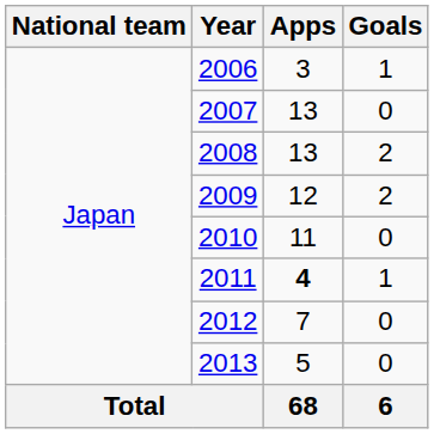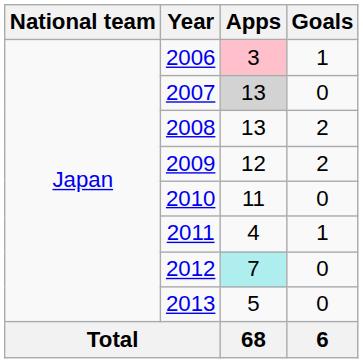 <table class="wikitable" style="text-align:center">
 <tr>
 <th>National team</th>
 <th>Year</th>
 <th>Apps</th>
 <th>Goals</th>
 </tr>
 <tr>
 <td rowspan="8"><a href='#'>Japan</a></td>
 <td><a href='#'>2006</a></td>
-<td>3</td>
+<td style="background: pink;">3</td>
 <td>1</td>
 </tr>
 <tr>
 <td><a href='#'>2007</a></td>
-<td>13</td>
+<td style="background: lightgrey;">13</td>
 <td>0</td>
 </tr>
 <tr>
 <td><a href='#'>2008</a></td>
 <td>13</td>
 <td>2</td>
 </tr>
 <tr>
 <td><a href='#'>2009</a></td>
 <td>12</td>
 <td>2</td>
 </tr>
 <tr>
 <td><a href='#'>2010</a></td>
 <td>11</td>
 <td>0</td>
 </tr>
 <tr>
 <td><a href='#'>2011</a></td>
-<td><strong>4</strong></td>
+<td>4</td>
 <td>1</td>
 </tr>
 <tr>
 <td><a href='#'>2012</a></td>
-<td>7</td>
+<td style="background: paleturquoise;">7</td>
 <td>0</td>
 </tr>
 <tr>
 <td><a href='#'>2013</a></td>
 <td>5</td>
 <td>0</td>
 </tr>
 <tr>
 <th colspan="2">Total</th>
 <th>68</th>
 <th>6</th>
 </tr>
 </table>
